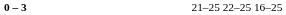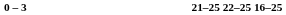 <table>
 <tr>
 <th width=200></th>
 <th width=80></th>
 <th width=200></th>
 <th width=220></th>
 </tr>
 <tr>
 <td align=right></td>
 <td align=center><strong>0 – 3</strong></td>
 <td><strong></strong></td>
-<td>21–25 22–25 16–25</td>
+<td><strong>21–25 22–25 16–25</strong></td>
 </tr>
 </table>
